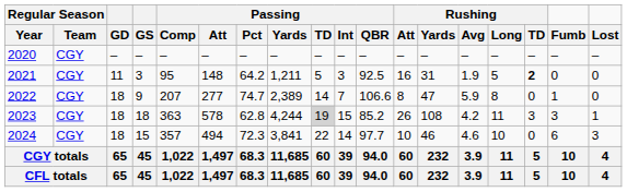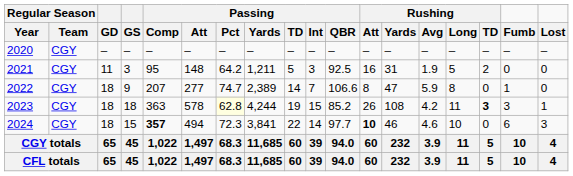 <table class="wikitable">
 <tr>
 <th colspan="2">Regular Season</th>
 <th></th>
 <th></th>
 <th colspan="7">Passing</th>
 <th colspan="5">Rushing</th>
 <td></td>
 <td></td>
 </tr>
 <tr>
 <th>Year</th>
 <th>Team</th>
 <th>GD</th>
 <th>GS</th>
 <th>Comp</th>
 <th>Att</th>
 <th>Pct</th>
 <th>Yards</th>
 <th>TD</th>
 <th>Int</th>
 <th>QBR</th>
 <th>Att</th>
 <th>Yards</th>
 <th>Avg</th>
 <th>Long</th>
 <th>TD</th>
 <th>Fumb</th>
 <th>Lost</th>
 </tr>
 <tr>
 <td><a href='#'>2020</a></td>
 <td><a href='#'>CGY</a></td>
 <td>–</td>
 <td>–</td>
 <td>–</td>
 <td>–</td>
 <td>–</td>
 <td>–</td>
 <td>–</td>
 <td>–</td>
 <td>–</td>
 <td>–</td>
 <td>–</td>
 <td>–</td>
 <td>–</td>
 <td>–</td>
 <td>–</td>
 <td>–</td>
 </tr>
 <tr>
 <td><a href='#'>2021</a></td>
 <td><a href='#'>CGY</a></td>
 <td>11</td>
 <td>3</td>
 <td>95</td>
 <td>148</td>
 <td>64.2</td>
 <td>1,211</td>
 <td>5</td>
 <td>3</td>
 <td>92.5</td>
 <td>16</td>
 <td>31</td>
 <td>1.9</td>
 <td>5</td>
-<td><strong>2</strong></td>
+<td>2</td>
 <td>0</td>
 <td>0</td>
 </tr>
 <tr>
 <td><a href='#'>2022</a></td>
 <td><a href='#'>CGY</a></td>
 <td>18</td>
 <td>9</td>
 <td>207</td>
 <td>277</td>
 <td>74.7</td>
 <td>2,389</td>
 <td>14</td>
 <td>7</td>
 <td>106.6</td>
 <td>8</td>
 <td>47</td>
 <td>5.9</td>
 <td>8</td>
 <td>0</td>
 <td>1</td>
 <td>0</td>
 </tr>
 <tr>
 <td><a href='#'>2023</a></td>
 <td><a href='#'>CGY</a></td>
 <td>18</td>
 <td>18</td>
 <td>363</td>
 <td>578</td>
-<td>62.8</td>
+<td style="background: lightyellow;">62.8</td>
 <td>4,244</td>
-<td style="background: lightgrey;">19</td>
+<td>19</td>
 <td>15</td>
 <td>85.2</td>
 <td>26</td>
 <td>108</td>
 <td>4.2</td>
 <td>11</td>
-<td>3</td>
+<td><strong>3</strong></td>
 <td>3</td>
 <td>1</td>
 </tr>
 <tr>
 <td><a href='#'>2024</a></td>
 <td><a href='#'>CGY</a></td>
 <td>18</td>
 <td>15</td>
-<td>357</td>
+<td><strong>357</strong></td>
 <td>494</td>
 <td>72.3</td>
 <td>3,841</td>
 <td>22</td>
 <td>14</td>
 <td>97.7</td>
-<td>10</td>
+<td><strong>10</strong></td>
 <td>46</td>
 <td>4.6</td>
 <td>10</td>
 <td>0</td>
 <td>6</td>
 <td>3</td>
 </tr>
 <tr>
 <th colspan="2"><a href='#'>CGY</a> totals</th>
 <th>65</th>
 <th>45</th>
 <th>1,022</th>
 <th>1,497</th>
 <th>68.3</th>
 <th>11,685</th>
 <th>60</th>
 <th>39</th>
 <th>94.0</th>
 <th>60</th>
 <th>232</th>
 <th>3.9</th>
 <th>11</th>
 <th>5</th>
 <th>10</th>
 <th>4</th>
 </tr>
 <tr>
 <th colspan="2"><a href='#'>CFL</a> totals</th>
 <th>65</th>
 <th>45</th>
 <th>1,022</th>
 <th>1,497</th>
 <th>68.3</th>
 <th>11,685</th>
 <th>60</th>
 <th>39</th>
 <th>94.0</th>
 <th>60</th>
 <th>232</th>
 <th>3.9</th>
 <th>11</th>
 <th>5</th>
 <th>10</th>
 <th>4</th>
 </tr>
 </table>
